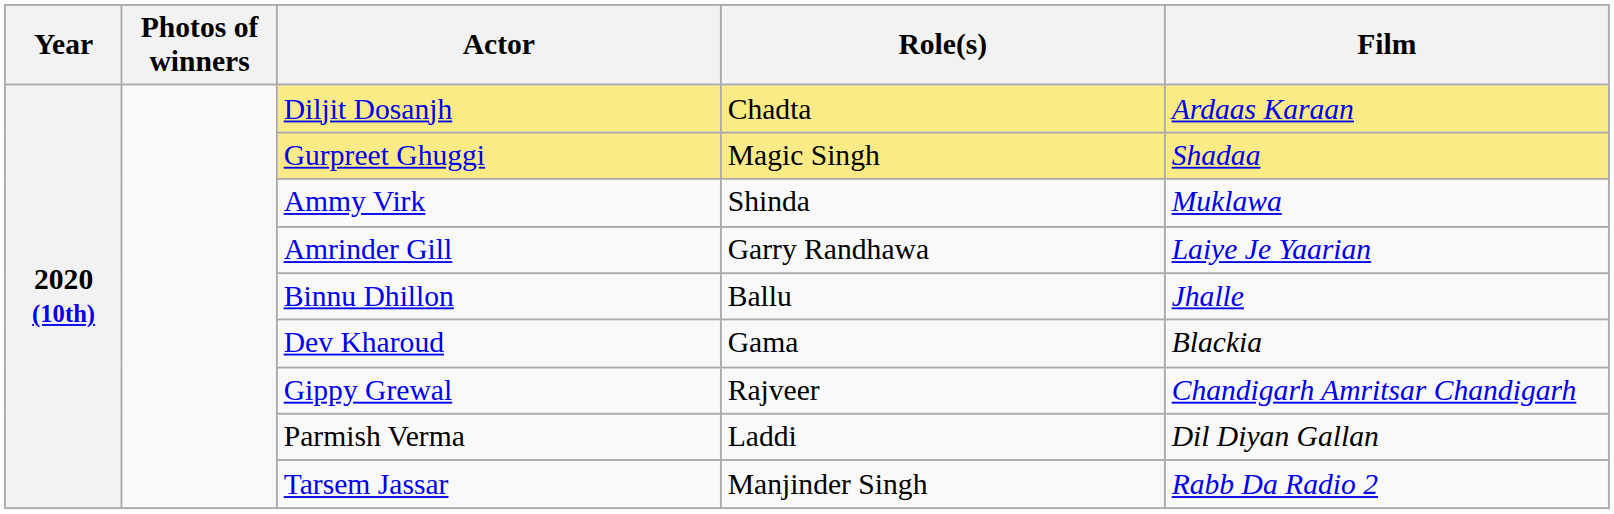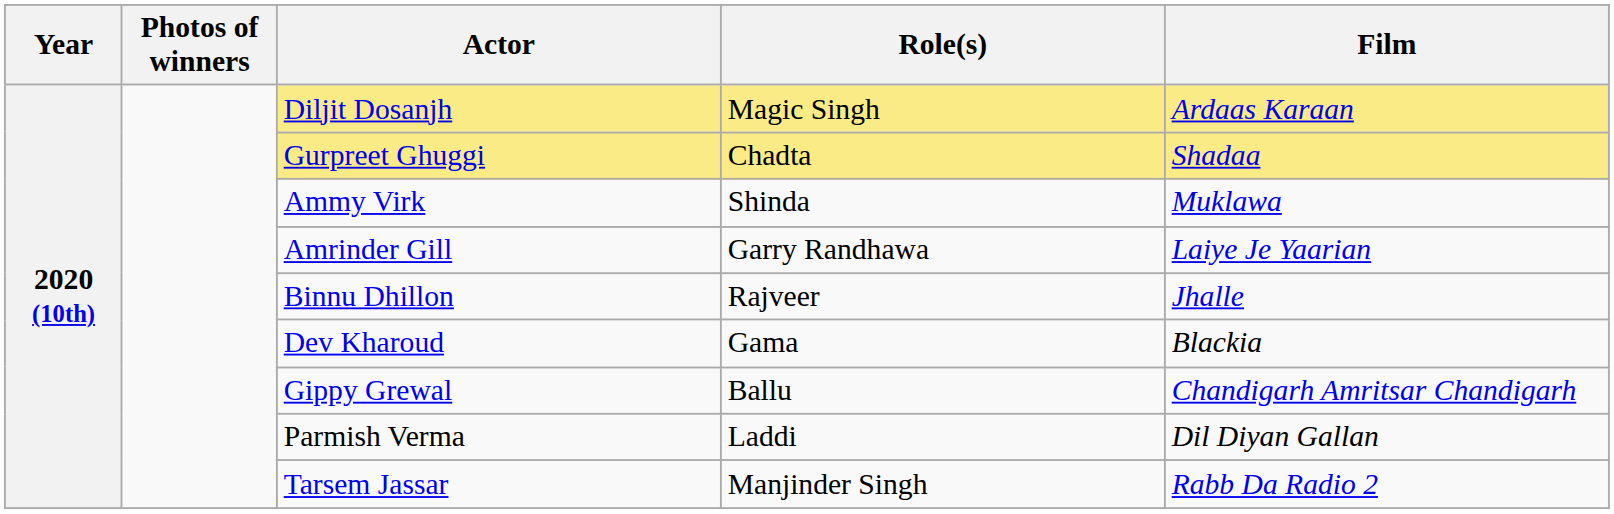 <table class="wikitable sortable" style="text-align:left;">
 <tr>
 <th scope="col" style="width:3%; text-align:center;">Year</th>
 <th scope="col" style="width:3%;text-align:center;">Photos of winners</th>
 <th scope="col" style="width:15%;text-align:center;">Actor</th>
 <th scope="col" style="width:15%;text-align:center;">Role(s)</th>
 <th scope="col" style="width:15%;text-align:center;">Film</th>
 </tr>
 <tr>
 <th scope="row" rowspan=9 style="text-align:center">2020 <br><small><a href='#'>(10th)</a> </small></th>
 <td rowspan="9" style="text-align:center"><br></td>
 <td style="background:#FAEB86;"><a href='#'>Diljit Dosanjh</a></td>
-<td style="background:#FAEB86;">Chadta</td>
+<td style="background:#FAEB86;">Magic Singh</td>
 <td style="background:#FAEB86;"><em><a href='#'>Ardaas Karaan</a></em></td>
 </tr>
 <tr>
 <td style="background:#FAEB86;"><a href='#'>Gurpreet Ghuggi</a></td>
-<td style="background:#FAEB86;">Magic Singh</td>
+<td style="background:#FAEB86;">Chadta</td>
 <td style="background:#FAEB86;"><em><a href='#'>Shadaa</a></em></td>
 </tr>
 <tr>
 <td><a href='#'>Ammy Virk</a></td>
 <td>Shinda</td>
 <td><em><a href='#'>Muklawa</a></em></td>
 </tr>
 <tr>
 <td><a href='#'>Amrinder Gill</a></td>
 <td>Garry Randhawa</td>
 <td><em><a href='#'>Laiye Je Yaarian</a></em></td>
 </tr>
 <tr>
 <td><a href='#'>Binnu Dhillon</a></td>
-<td>Ballu</td>
+<td>Rajveer</td>
 <td><em><a href='#'>Jhalle</a></em></td>
 </tr>
 <tr>
 <td><a href='#'>Dev Kharoud</a></td>
 <td>Gama</td>
 <td><em>Blackia</em></td>
 </tr>
 <tr>
 <td><a href='#'>Gippy Grewal</a></td>
-<td>Rajveer</td>
+<td>Ballu</td>
 <td><em><a href='#'>Chandigarh Amritsar Chandigarh</a></em></td>
 </tr>
 <tr>
 <td>Parmish Verma</td>
 <td>Laddi</td>
 <td><em>Dil Diyan Gallan</em></td>
 </tr>
 <tr>
 <td><a href='#'>Tarsem Jassar</a></td>
 <td>Manjinder Singh</td>
 <td><em><a href='#'>Rabb Da Radio 2</a></em></td>
 </tr>
 </table>
